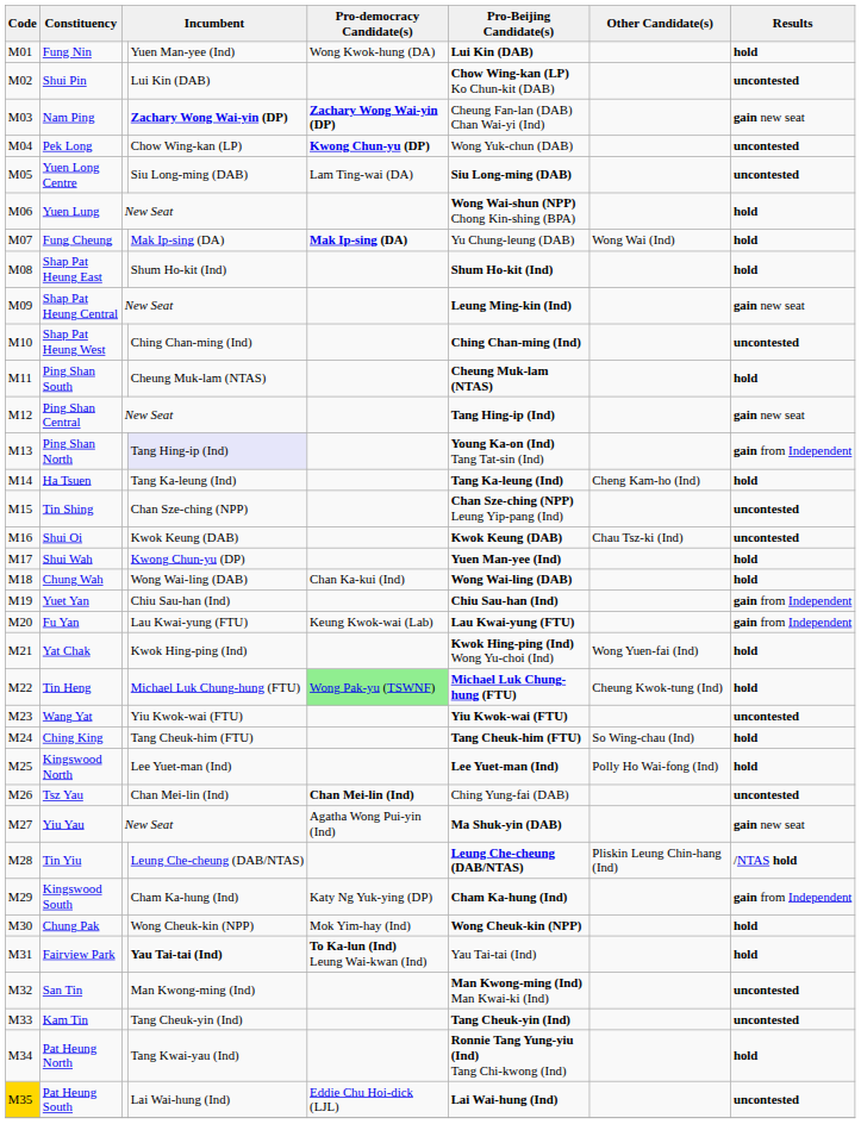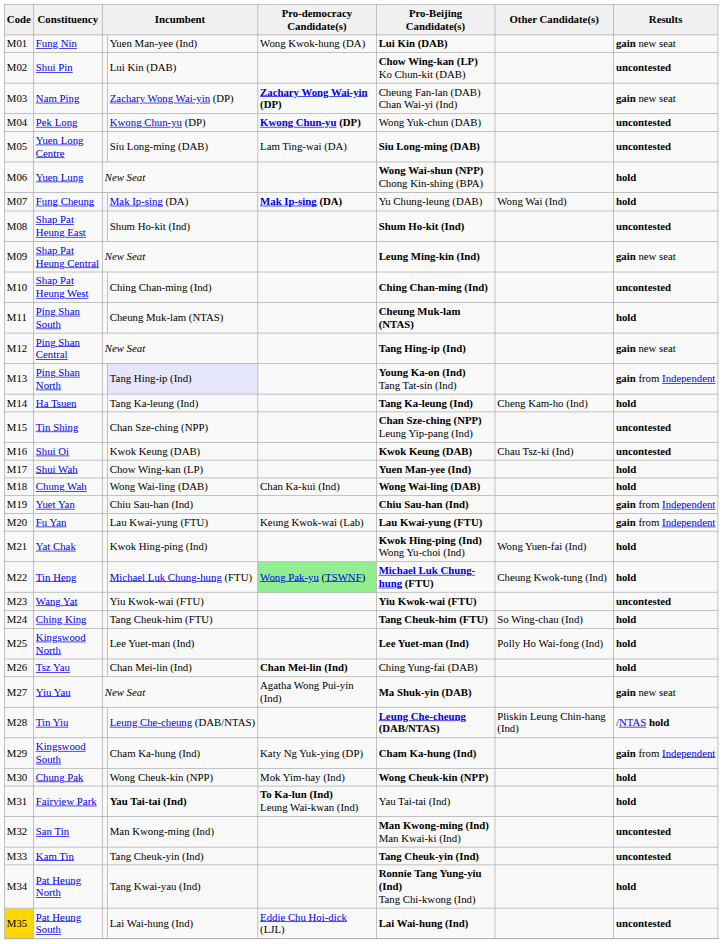 <table class="wikitable sortable" style="font-size: 95%;">
 <tr>
 <th align="center" style="background:#f0f0f0;" width="20px"><strong>Code</strong></th>
 <th align="center" style="background:#f0f0f0;" width="90px"><strong>Constituency</strong></th>
 <th align="center" style="background:#f0f0f0;" width="120px" colspan=2><strong>Incumbent</strong></th>
 <th align="center" style="background:#f0f0f0;" width="160px"><strong>Pro-democracy Candidate(s)</strong></th>
 <th align="center" style="background:#f0f0f0;" width="160px"><strong>Pro-Beijing Candidate(s)</strong></th>
 <th align="center" style="background:#f0f0f0;" width="160px"><strong>Other Candidate(s)</strong></th>
 <th align="center" style="background:#f0f0f0;" width="100px" colspan="2"><strong>Results</strong></th>
 </tr>
 <tr>
 <td>M01</td>
 <td><a href='#'>Fung Nin</a></td>
 <td></td>
 <td>Yuen Man-yee (Ind)</td>
 <td>Wong Kwok-hung (DA)</td>
 <td><strong>Lui Kin (DAB)</strong></td>
 <td></td>
-<td> <strong>hold</strong></td>
+<td> <strong>gain</strong> new seat</td>
 </tr>
 <tr>
 <td>M02</td>
 <td><a href='#'>Shui Pin</a></td>
 <td></td>
 <td>Lui Kin (DAB)</td>
 <td></td>
 <td><strong>Chow Wing-kan (LP)</strong><br>Ko Chun-kit (DAB)</td>
 <td></td>
 <td> <strong>uncontested</strong></td>
 </tr>
 <tr>
 <td>M03</td>
 <td><a href='#'>Nam Ping</a></td>
 <td></td>
-<td><strong><a href='#'>Zachary Wong Wai-yin</a> (DP)</strong></td>
+<td><a href='#'>Zachary Wong Wai-yin</a> (DP)</td>
 <td><strong><a href='#'>Zachary Wong Wai-yin</a> (DP)</strong></td>
 <td>Cheung Fan-lan (DAB) <br>Chan Wai-yi (Ind)</td>
 <td></td>
 <td> <strong>gain</strong> new seat</td>
 </tr>
 <tr>
 <td>M04</td>
 <td><a href='#'>Pek Long</a></td>
 <td></td>
-<td>Chow Wing-kan (LP)</td>
+<td><a href='#'>Kwong Chun-yu</a> (DP)</td>
 <td><strong><a href='#'>Kwong Chun-yu</a> (DP)</strong></td>
 <td>Wong Yuk-chun (DAB)</td>
 <td></td>
 <td> <strong>uncontested</strong></td>
 </tr>
 <tr>
 <td>M05</td>
 <td><a href='#'>Yuen Long Centre</a></td>
 <td></td>
 <td>Siu Long-ming (DAB)</td>
 <td>Lam Ting-wai (DA)</td>
 <td><strong>Siu Long-ming (DAB)</strong></td>
 <td></td>
 <td> <strong>uncontested</strong></td>
 </tr>
 <tr>
 <td>M06</td>
 <td><a href='#'>Yuen Lung</a></td>
 <td colspan=2><em>New Seat</em></td>
 <td></td>
 <td><strong>Wong Wai-shun (NPP)</strong><br>Chong Kin-shing (BPA)</td>
 <td></td>
 <td> <strong>hold</strong></td>
 </tr>
 <tr>
 <td>M07</td>
 <td><a href='#'>Fung Cheung</a></td>
 <td></td>
 <td><a href='#'>Mak Ip-sing</a> (DA)</td>
 <td><strong><a href='#'>Mak Ip-sing</a> (DA)</strong></td>
 <td>Yu Chung-leung (DAB)</td>
 <td>Wong Wai (Ind)</td>
 <td> <strong>hold</strong></td>
 </tr>
 <tr>
 <td>M08</td>
 <td><a href='#'>Shap Pat Heung East</a></td>
 <td></td>
 <td>Shum Ho-kit (Ind)</td>
 <td></td>
 <td><strong>Shum Ho-kit (Ind)</strong></td>
 <td></td>
-<td> <strong>hold</strong></td>
+<td> <strong>uncontested</strong></td>
 </tr>
 <tr>
 <td>M09</td>
 <td><a href='#'>Shap Pat Heung Central</a></td>
 <td colspan=2><em>New Seat</em></td>
 <td></td>
 <td><strong>Leung Ming-kin (Ind)</strong></td>
 <td></td>
 <td> <strong>gain</strong> new seat</td>
 </tr>
 <tr>
 <td>M10</td>
 <td><a href='#'>Shap Pat Heung West</a></td>
 <td></td>
 <td>Ching Chan-ming (Ind)</td>
 <td></td>
 <td><strong>Ching Chan-ming (Ind)</strong></td>
 <td></td>
 <td> <strong>uncontested</strong></td>
 </tr>
 <tr>
 <td>M11</td>
 <td><a href='#'>Ping Shan South</a></td>
 <td></td>
 <td>Cheung Muk-lam (NTAS)</td>
 <td></td>
 <td><strong>Cheung Muk-lam (NTAS)</strong></td>
 <td></td>
 <td> <strong>hold</strong></td>
 </tr>
 <tr>
 <td>M12</td>
 <td><a href='#'>Ping Shan Central</a></td>
 <td colspan=2><em>New Seat</em></td>
 <td></td>
 <td><strong>Tang Hing-ip (Ind)</strong></td>
 <td></td>
 <td> <strong>gain</strong> new seat</td>
 </tr>
 <tr>
 <td>M13</td>
 <td><a href='#'>Ping Shan North</a></td>
 <td></td>
 <td style="background: lavender;">Tang Hing-ip (Ind)</td>
 <td></td>
 <td><strong>Young Ka-on (Ind)</strong><br>Tang Tat-sin (Ind)</td>
 <td></td>
 <td> <strong>gain</strong> from <a href='#'>Independent</a></td>
 </tr>
 <tr>
 <td>M14</td>
 <td><a href='#'>Ha Tsuen</a></td>
 <td></td>
 <td>Tang Ka-leung (Ind)</td>
 <td></td>
 <td><strong>Tang Ka-leung (Ind)</strong></td>
 <td>Cheng Kam-ho (Ind)</td>
 <td> <strong>hold</strong></td>
 </tr>
 <tr>
 <td>M15</td>
 <td><a href='#'>Tin Shing</a></td>
 <td></td>
 <td>Chan Sze-ching (NPP)</td>
 <td></td>
 <td><strong>Chan Sze-ching (NPP)</strong><br>Leung Yip-pang (Ind)</td>
 <td></td>
 <td> <strong>uncontested</strong></td>
 </tr>
 <tr>
 <td>M16</td>
 <td><a href='#'>Shui Oi</a></td>
 <td></td>
 <td>Kwok Keung (DAB)</td>
 <td></td>
 <td><strong>Kwok Keung (DAB)</strong></td>
 <td>Chau Tsz-ki (Ind)</td>
 <td> <strong>uncontested</strong></td>
 </tr>
 <tr>
 <td>M17</td>
 <td><a href='#'>Shui Wah</a></td>
 <td></td>
-<td><a href='#'>Kwong Chun-yu</a> (DP)</td>
+<td>Chow Wing-kan (LP)</td>
 <td></td>
 <td><strong>Yuen Man-yee (Ind)</strong></td>
 <td></td>
 <td> <strong>hold</strong></td>
 </tr>
 <tr>
 <td>M18</td>
 <td><a href='#'>Chung Wah</a></td>
 <td></td>
 <td>Wong Wai-ling (DAB)</td>
 <td>Chan Ka-kui (Ind)</td>
 <td><strong>Wong Wai-ling (DAB)</strong></td>
 <td></td>
 <td> <strong>hold</strong></td>
 </tr>
 <tr>
 <td>M19</td>
 <td><a href='#'>Yuet Yan</a></td>
 <td></td>
 <td>Chiu Sau-han (Ind)</td>
 <td></td>
 <td><strong> Chiu Sau-han (Ind)</strong></td>
 <td></td>
 <td> <strong>gain</strong> from <a href='#'>Independent</a></td>
 </tr>
 <tr>
 <td>M20</td>
 <td><a href='#'>Fu Yan</a></td>
 <td></td>
 <td>Lau Kwai-yung (FTU)</td>
 <td>Keung Kwok-wai (Lab)</td>
 <td><strong>Lau Kwai-yung (FTU)</strong></td>
 <td></td>
 <td> <strong>gain</strong> from <a href='#'>Independent</a></td>
 </tr>
 <tr>
 <td>M21</td>
 <td><a href='#'>Yat Chak</a></td>
 <td></td>
 <td>Kwok Hing-ping (Ind)</td>
 <td></td>
 <td><strong>Kwok Hing-ping (Ind)</strong><br>Wong Yu-choi (Ind)</td>
 <td>Wong Yuen-fai (Ind)</td>
 <td> <strong>hold</strong></td>
 </tr>
 <tr>
 <td>M22</td>
 <td><a href='#'>Tin Heng</a></td>
 <td></td>
 <td><a href='#'>Michael Luk Chung-hung</a> (FTU)</td>
 <td style="background: lightgreen;"><a href='#'>Wong Pak-yu</a> (<a href='#'>TSWNF</a>)</td>
 <td><strong><a href='#'>Michael Luk Chung-hung</a> (FTU)</strong></td>
 <td>Cheung Kwok-tung (Ind)</td>
 <td> <strong>hold</strong></td>
 </tr>
 <tr>
 <td>M23</td>
 <td><a href='#'>Wang Yat</a></td>
 <td></td>
 <td>Yiu Kwok-wai (FTU)</td>
 <td></td>
 <td><strong>Yiu Kwok-wai (FTU) </strong></td>
 <td></td>
 <td> <strong>uncontested</strong></td>
 </tr>
 <tr>
 <td>M24</td>
 <td><a href='#'>Ching King</a></td>
 <td></td>
 <td>Tang Cheuk-him (FTU)</td>
 <td></td>
 <td><strong>Tang Cheuk-him (FTU)</strong></td>
 <td>So Wing-chau (Ind)</td>
 <td> <strong>hold</strong></td>
 </tr>
 <tr>
 <td>M25</td>
 <td><a href='#'>Kingswood North</a></td>
 <td></td>
 <td>Lee Yuet-man (Ind)</td>
 <td></td>
 <td><strong>Lee Yuet-man (Ind)</strong></td>
 <td>Polly Ho Wai-fong (Ind)</td>
 <td> <strong>hold</strong></td>
 </tr>
 <tr>
 <td>M26</td>
 <td><a href='#'>Tsz Yau</a></td>
 <td></td>
 <td>Chan Mei-lin (Ind)</td>
 <td><strong>Chan Mei-lin (Ind)</strong></td>
 <td>Ching Yung-fai (DAB)</td>
 <td></td>
-<td> <strong>uncontested</strong></td>
+<td> <strong>hold</strong></td>
 </tr>
 <tr>
 <td>M27</td>
 <td><a href='#'>Yiu Yau</a></td>
 <td colspan=2><em>New Seat</em></td>
 <td>Agatha Wong Pui-yin (Ind)</td>
 <td><strong>Ma Shuk-yin (DAB)</strong></td>
 <td></td>
 <td> <strong>gain</strong> new seat</td>
 </tr>
 <tr>
 <td>M28</td>
 <td><a href='#'>Tin Yiu</a></td>
 <td></td>
 <td><a href='#'>Leung Che-cheung</a> (DAB/NTAS)</td>
 <td></td>
 <td><strong><a href='#'>Leung Che-cheung</a> (DAB/NTAS)</strong></td>
 <td>Pliskin Leung Chin-hang (Ind)</td>
 <td>/<a href='#'>NTAS</a> <strong>hold</strong></td>
 </tr>
 <tr>
 <td>M29</td>
 <td><a href='#'>Kingswood South</a></td>
 <td></td>
 <td>Cham Ka-hung (Ind)</td>
 <td>Katy Ng Yuk-ying (DP)</td>
 <td><strong>Cham Ka-hung (Ind)</strong></td>
 <td></td>
 <td> <strong>gain</strong> from <a href='#'>Independent</a></td>
 </tr>
 <tr>
 <td>M30</td>
 <td><a href='#'>Chung Pak</a></td>
 <td></td>
 <td>Wong Cheuk-kin (NPP)</td>
 <td>Mok Yim-hay (Ind)</td>
 <td><strong>Wong Cheuk-kin (NPP)</strong></td>
 <td></td>
 <td> <strong>hold</strong></td>
 </tr>
 <tr>
 <td>M31</td>
 <td><a href='#'>Fairview Park</a></td>
 <td></td>
 <td><strong>Yau Tai-tai (Ind)</strong></td>
 <td><strong>To Ka-lun (Ind)</strong><br>Leung Wai-kwan (Ind)</td>
 <td>Yau Tai-tai (Ind)</td>
 <td></td>
 <td> <strong>hold</strong></td>
 </tr>
 <tr>
 <td>M32</td>
 <td><a href='#'>San Tin</a></td>
 <td></td>
 <td>Man Kwong-ming (Ind)</td>
 <td></td>
 <td><strong>Man Kwong-ming (Ind)</strong><br>Man Kwai-ki (Ind)</td>
 <td></td>
 <td> <strong>uncontested</strong></td>
 </tr>
 <tr>
 <td>M33</td>
 <td><a href='#'>Kam Tin</a></td>
 <td></td>
 <td>Tang Cheuk-yin (Ind)</td>
 <td></td>
 <td><strong> Tang Cheuk-yin (Ind)</strong></td>
 <td></td>
 <td> <strong>uncontested</strong></td>
 </tr>
 <tr>
 <td>M34</td>
 <td><a href='#'>Pat Heung North</a></td>
 <td></td>
 <td>Tang Kwai-yau (Ind)</td>
 <td></td>
 <td><strong>Ronnie Tang Yung-yiu (Ind)</strong><br>Tang Chi-kwong (Ind)</td>
 <td></td>
 <td> <strong>hold</strong></td>
 </tr>
 <tr>
 <td style="background: gold;">M35</td>
 <td><a href='#'>Pat Heung South</a></td>
 <td></td>
 <td>Lai Wai-hung (Ind)</td>
 <td><a href='#'>Eddie Chu Hoi-dick</a> (LJL)</td>
 <td><strong>Lai Wai-hung (Ind)</strong></td>
 <td></td>
 <td> <strong>uncontested</strong></td>
 </tr>
 <tr>
 </tr>
 </table>
